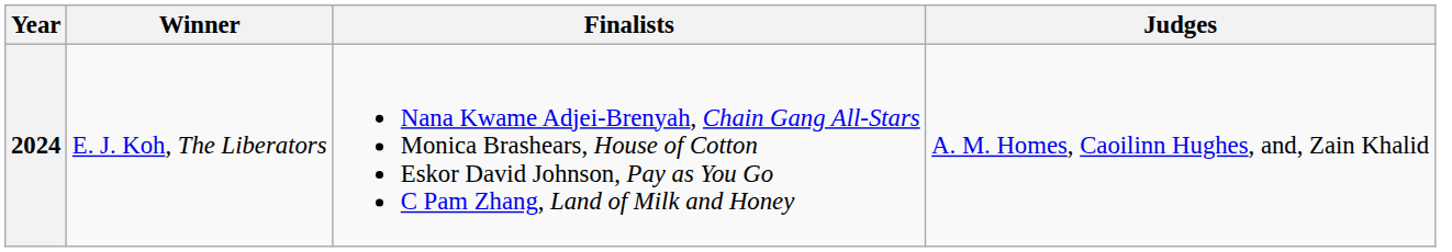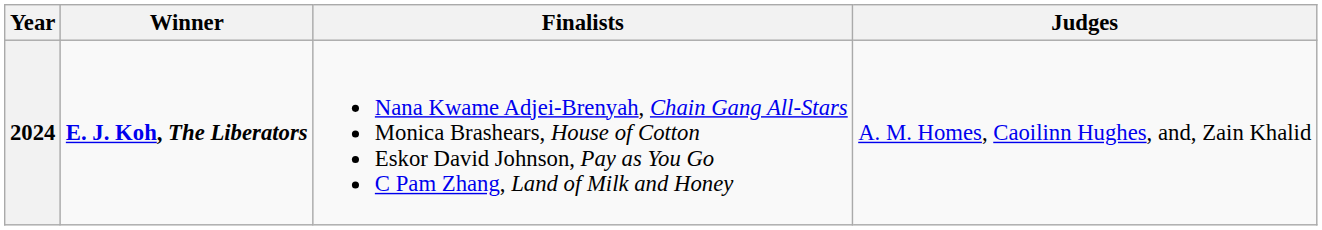 <table class="wikitable sortable">
 <tr>
 <th>Year</th>
 <th>Winner</th>
 <th>Finalists</th>
 <th>Judges</th>
 </tr>
 <tr>
 <th>2024</th>
-<td><a href='#'>E. J. Koh</a>, <em>The Liberators</em> </td>
+<td><strong><a href='#'>E. J. Koh</a>, <em>The Liberators</em> </strong></td>
 <td><br><ul><li><a href='#'>Nana Kwame Adjei-Brenyah</a>, <em><a href='#'>Chain Gang All-Stars</a></em></li><li>Monica Brashears, <em>House of Cotton</em></li><li>Eskor David Johnson, <em>Pay as You Go</em></li><li><a href='#'>C Pam Zhang</a>, <em>Land of Milk and Honey</em> </li></ul></td>
 <td><a href='#'>A. M. Homes</a>, <a href='#'>Caoilinn Hughes</a>, and, Zain Khalid</td>
 </tr>
 </table>
